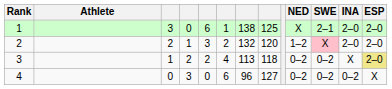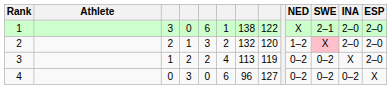 <table class="wikitable" style="text-align:center">
 <tr>
 <th>Rank</th>
 <th width=280>Athlete</th>
 <th width=30></th>
 <th width=30></th>
 <th width=30></th>
 <th width=30></th>
 <th width=30></th>
 <th width=30></th>
 <th rowspan=5></th>
 <th width=30>NED</th>
 <th width=30>SWE</th>
 <th width=30>INA</th>
 <th width=30>ESP</th>
 </tr>
 <tr style="background-color:#ccffcc;">
 <td>1</td>
 <td align=left></td>
 <td>3</td>
 <td>0</td>
 <td>6</td>
 <td>1</td>
 <td>138</td>
-<td>125</td>
+<td>122</td>
 <td>X</td>
 <td>2–1</td>
 <td>2–0</td>
 <td>2–0</td>
 </tr>
 <tr>
 <td>2</td>
 <td align=left></td>
 <td>2</td>
 <td>1</td>
 <td>3</td>
 <td>2</td>
 <td>132</td>
 <td>120</td>
 <td>1–2</td>
 <td style="background: pink;">X</td>
 <td>2–0</td>
 <td>2–0</td>
 </tr>
 <tr>
 <td>3</td>
 <td align=left></td>
 <td>1</td>
 <td>2</td>
 <td>2</td>
 <td>4</td>
 <td>113</td>
-<td>118</td>
+<td>119</td>
 <td>0–2</td>
 <td>0–2</td>
 <td>X</td>
-<td style="background: khaki;">2–0</td>
+<td>2–0</td>
 </tr>
 <tr>
 <td>4</td>
 <td align=left></td>
 <td>0</td>
 <td>3</td>
 <td>0</td>
 <td>6</td>
 <td>96</td>
 <td>127</td>
 <td>0–2</td>
 <td>0–2</td>
 <td>0–2</td>
 <td>X</td>
 </tr>
 </table>
